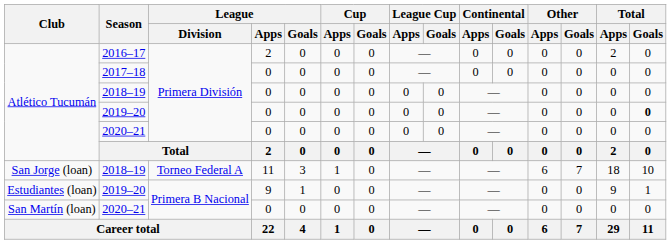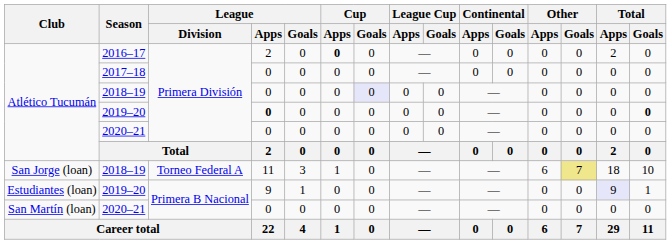 <table class="wikitable" style="text-align:center">
 <tr>
 <th rowspan="2">Club</th>
 <th rowspan="2">Season</th>
 <th colspan="3">League</th>
 <th colspan="2">Cup</th>
 <th colspan="2">League Cup</th>
 <th colspan="2">Continental</th>
 <th colspan="2">Other</th>
 <th colspan="2">Total</th>
 </tr>
 <tr>
 <th>Division</th>
 <th>Apps</th>
 <th>Goals</th>
 <th>Apps</th>
 <th>Goals</th>
 <th>Apps</th>
 <th>Goals</th>
 <th>Apps</th>
 <th>Goals</th>
 <th>Apps</th>
 <th>Goals</th>
 <th>Apps</th>
 <th>Goals</th>
 </tr>
 <tr>
 <td rowspan="6"><a href='#'>Atlético Tucumán</a></td>
 <td><a href='#'>2016–17</a></td>
 <td rowspan="5"><a href='#'>Primera División</a></td>
 <td>2</td>
 <td>0</td>
-<td>0</td>
+<td><strong>0</strong></td>
 <td>0</td>
 <td colspan="2">—</td>
 <td>0</td>
 <td>0</td>
 <td>0</td>
 <td>0</td>
 <td>2</td>
 <td>0</td>
 </tr>
 <tr>
 <td><a href='#'>2017–18</a></td>
 <td>0</td>
 <td>0</td>
 <td>0</td>
 <td>0</td>
 <td colspan="2">—</td>
 <td>0</td>
 <td>0</td>
 <td>0</td>
 <td>0</td>
 <td>0</td>
 <td>0</td>
 </tr>
 <tr>
 <td><a href='#'>2018–19</a></td>
 <td>0</td>
 <td>0</td>
 <td>0</td>
-<td>0</td>
+<td style="background: lavender;">0</td>
 <td>0</td>
 <td>0</td>
 <td colspan="2">—</td>
 <td>0</td>
 <td>0</td>
 <td>0</td>
 <td>0</td>
 </tr>
 <tr>
 <td><a href='#'>2019–20</a></td>
-<td>0</td>
+<td><strong>0</strong></td>
 <td>0</td>
 <td>0</td>
 <td>0</td>
 <td>0</td>
 <td>0</td>
 <td colspan="2">—</td>
 <td>0</td>
 <td>0</td>
 <td>0</td>
 <td><strong>0</strong></td>
 </tr>
 <tr>
 <td><a href='#'>2020–21</a></td>
 <td>0</td>
 <td>0</td>
 <td>0</td>
 <td>0</td>
 <td>0</td>
 <td>0</td>
 <td colspan="2">—</td>
 <td>0</td>
 <td>0</td>
 <td>0</td>
 <td>0</td>
 </tr>
 <tr>
 <th colspan="2">Total</th>
 <th>2</th>
 <th>0</th>
 <th>0</th>
 <th>0</th>
 <th colspan="2">—</th>
 <th>0</th>
 <th>0</th>
 <th>0</th>
 <th>0</th>
 <th>2</th>
 <th>0</th>
 </tr>
 <tr>
 <td rowspan="1"><a href='#'>San Jorge</a> (loan)</td>
 <td><a href='#'>2018–19</a></td>
 <td rowspan="1"><a href='#'>Torneo Federal A</a></td>
 <td>11</td>
 <td>3</td>
 <td>1</td>
 <td>0</td>
 <td colspan="2">—</td>
 <td colspan="2">—</td>
 <td>6</td>
-<td>7</td>
+<td style="background: khaki;">7</td>
 <td>18</td>
 <td>10</td>
 </tr>
 <tr>
 <td rowspan="1"><a href='#'>Estudiantes</a> (loan)</td>
 <td><a href='#'>2019–20</a></td>
 <td rowspan="2"><a href='#'>Primera B Nacional</a></td>
 <td>9</td>
 <td>1</td>
 <td>0</td>
 <td>0</td>
 <td colspan="2">—</td>
 <td colspan="2">—</td>
 <td>0</td>
 <td>0</td>
-<td>9</td>
+<td style="background: lavender;">9</td>
 <td>1</td>
 </tr>
 <tr>
 <td rowspan="1"><a href='#'>San Martín</a> (loan)</td>
 <td><a href='#'>2020–21</a></td>
 <td>0</td>
 <td>0</td>
 <td>0</td>
 <td>0</td>
 <td colspan="2">—</td>
 <td colspan="2">—</td>
 <td>0</td>
 <td>0</td>
 <td>0</td>
 <td>0</td>
 </tr>
 <tr>
 <th colspan="3">Career total</th>
 <th>22</th>
 <th>4</th>
 <th>1</th>
 <th>0</th>
 <th colspan="2">—</th>
 <th>0</th>
 <th>0</th>
 <th>6</th>
 <th>7</th>
 <th>29</th>
 <th>11</th>
 </tr>
 </table>
